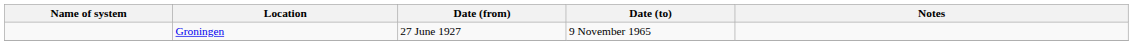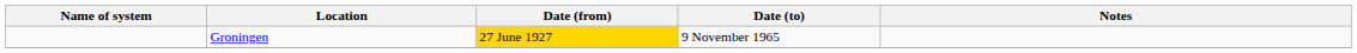 <table class="wikitable" width=100%>
 <tr>
 <th width=15%>Name of system</th>
 <th width=20%>Location</th>
 <th width=15%>Date (from)</th>
 <th width=15%>Date (to)</th>
 <th width=35%>Notes</th>
 </tr>
 <tr>
 <td> </td>
 <td><a href='#'>Groningen</a></td>
-<td>27 June 1927</td>
+<td style="background: gold;">27 June 1927</td>
 <td>9 November 1965</td>
 <td> </td>
 </tr>
 <tr>
 </tr>
 </table>
